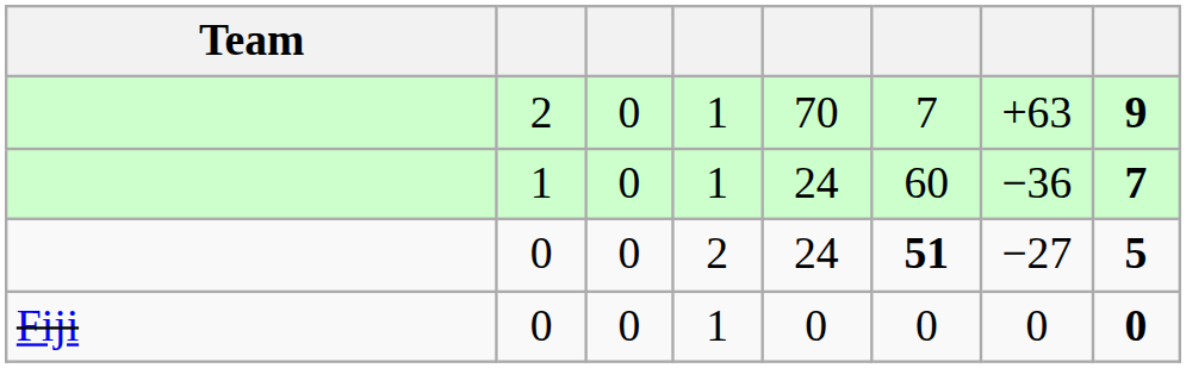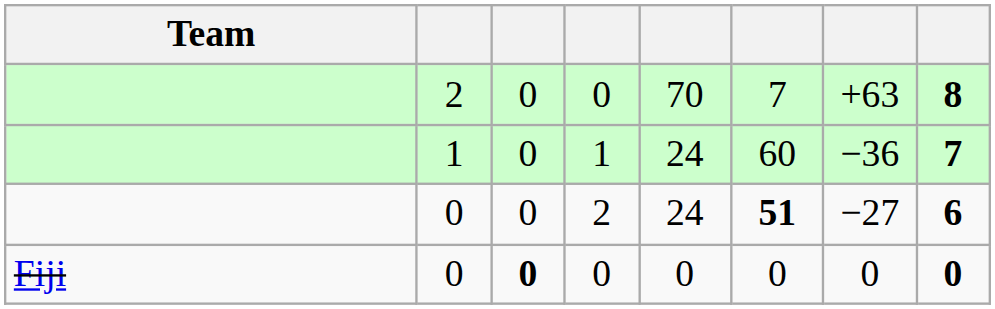 <table class="wikitable" style="text-align:center;">
 <tr>
 <th style="width:10.5em;">Team</th>
 <th style="width:1.5em;"></th>
 <th style="width:1.5em;"></th>
 <th style="width:1.5em;"></th>
 <th style="width:2.0em;"></th>
 <th style="width:2.0em;"></th>
 <th style="width:2.0em;"></th>
 <th style="width:1.5em;"></th>
 </tr>
 <tr bgcolor=#cfc>
 <td align="left"></td>
 <td>2</td>
 <td>0</td>
-<td>1</td>
+<td>0</td>
 <td>70</td>
 <td>7</td>
 <td>+63</td>
-<td><strong>9</strong></td>
+<td><strong>8</strong></td>
 </tr>
 <tr bgcolor=#cfc>
 <td align="left"></td>
 <td>1</td>
 <td>0</td>
 <td>1</td>
 <td>24</td>
 <td>60</td>
 <td>−36</td>
 <td><strong>7</strong></td>
 </tr>
 <tr>
 <td align="left"></td>
 <td>0</td>
 <td>0</td>
 <td>2</td>
 <td>24</td>
 <td><strong>51</strong></td>
 <td>−27</td>
-<td><strong>5</strong></td>
+<td><strong>6</strong></td>
 </tr>
 <tr>
 <td align="left"><s><a href='#'>Fiji</a></s></td>
 <td>0</td>
+<td><strong>0</strong></td>
 <td>0</td>
-<td>1</td>
 <td>0</td>
 <td>0</td>
 <td>0</td>
 <td><strong>0</strong></td>
 </tr>
 </table>
